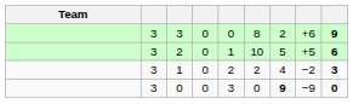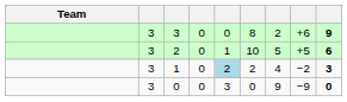 <table class="wikitable" style="text-align: center; font-size:90% ">
 <tr>
 <th width=160>Team</th>
 <th width=25></th>
 <th width=25></th>
 <th width=25></th>
 <th width=25></th>
 <th width=25></th>
 <th width=25></th>
 <th width=25></th>
 <th width=25></th>
 </tr>
 <tr align=center bgcolor="ccffcc">
 <td align=left></td>
 <td>3</td>
 <td>3</td>
 <td>0</td>
 <td>0</td>
 <td>8</td>
 <td>2</td>
 <td>+6</td>
 <td><strong>9</strong></td>
 </tr>
 <tr align=center bgcolor="ccffcc">
 <td align=left></td>
 <td>3</td>
 <td>2</td>
 <td>0</td>
 <td>1</td>
 <td>10</td>
 <td>5</td>
 <td>+5</td>
 <td><strong>6</strong></td>
 </tr>
 <tr>
 <td align=left></td>
 <td>3</td>
 <td>1</td>
 <td>0</td>
-<td>2</td>
+<td style="background: lightblue;">2</td>
 <td>2</td>
 <td>4</td>
 <td>−2</td>
 <td><strong>3</strong></td>
 </tr>
 <tr>
 <td align=left></td>
 <td>3</td>
 <td>0</td>
 <td>0</td>
 <td>3</td>
 <td>0</td>
-<td><strong>9</strong></td>
+<td>9</td>
 <td>−9</td>
 <td><strong>0</strong></td>
 </tr>
 </table>
